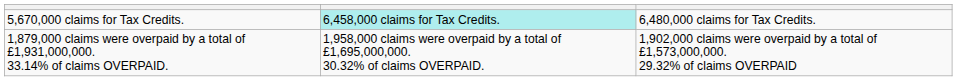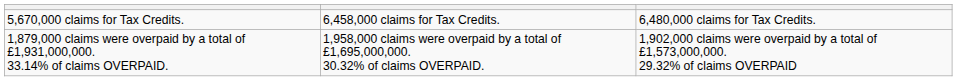 <table class="wikitable" border="1">
 <tr>
 <th></th>
 <th></th>
 <th></th>
 </tr>
 <tr>
 <td>5,670,000 claims for Tax Credits.</td>
-<td style="background: paleturquoise;">6,458,000 claims for Tax Credits.</td>
+<td>6,458,000 claims for Tax Credits.</td>
 <td>6,480,000 claims for Tax Credits.</td>
 </tr>
 <tr>
 <td>1,879,000 claims were overpaid by a total of £1,931,000,000.<br>33.14% of claims OVERPAID.</td>
 <td>1,958,000 claims were overpaid by a total of £1,695,000,000.<br>30.32% of claims OVERPAID.</td>
 <td>1,902,000 claims were overpaid by a total of £1,573,000,000.<br>29.32% of claims OVERPAID</td>
 </tr>
 </table>
